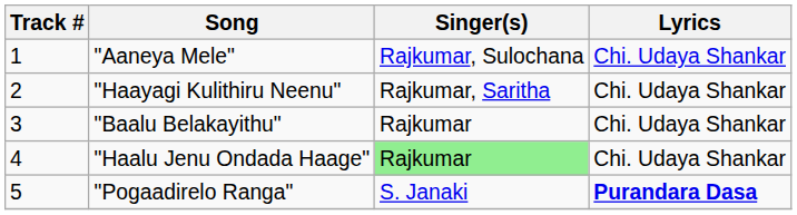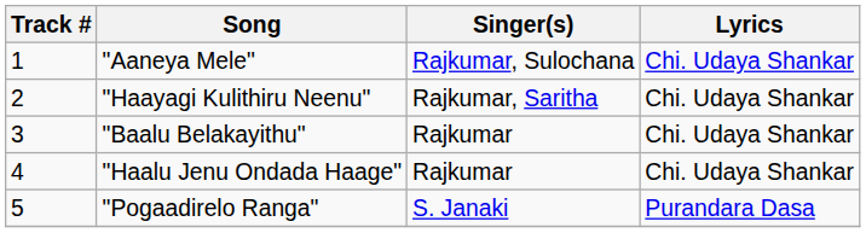 <table class="wikitable" style="font-size:95%;">
 <tr>
 <th>Track #</th>
 <th>Song</th>
 <th>Singer(s)</th>
 <th>Lyrics</th>
 </tr>
 <tr>
 <td>1</td>
 <td>"Aaneya Mele"</td>
 <td><a href='#'>Rajkumar</a>, Sulochana</td>
 <td><a href='#'>Chi. Udaya Shankar</a></td>
 </tr>
 <tr>
 <td>2</td>
 <td>"Haayagi Kulithiru Neenu"</td>
 <td>Rajkumar, <a href='#'>Saritha</a></td>
 <td>Chi. Udaya Shankar</td>
 </tr>
 <tr>
 <td>3</td>
 <td>"Baalu Belakayithu"</td>
 <td>Rajkumar</td>
 <td>Chi. Udaya Shankar</td>
 </tr>
 <tr>
 <td>4</td>
 <td>"Haalu Jenu Ondada Haage"</td>
-<td style="background: lightgreen;">Rajkumar</td>
+<td>Rajkumar</td>
 <td>Chi. Udaya Shankar</td>
 </tr>
 <tr>
 <td>5</td>
 <td>"Pogaadirelo Ranga"</td>
 <td><a href='#'>S. Janaki</a></td>
-<td><strong><a href='#'>Purandara Dasa</a></strong></td>
+<td><a href='#'>Purandara Dasa</a></td>
 </tr>
 <tr>
 </tr>
 </table>
